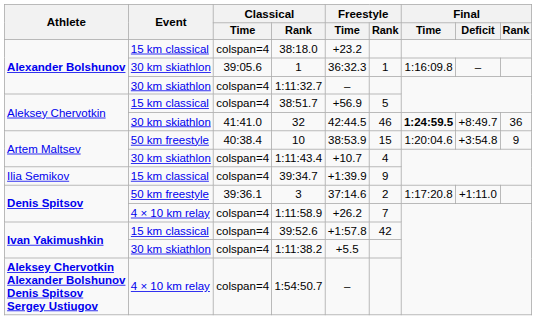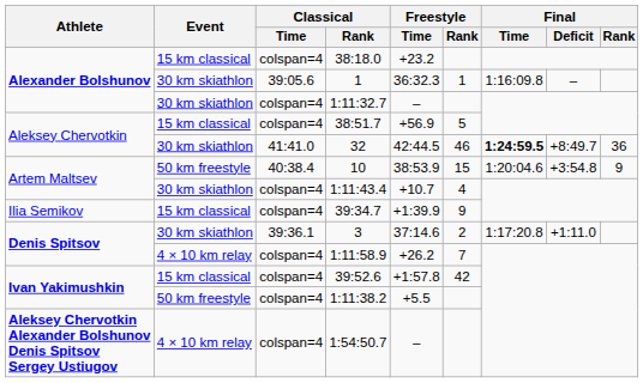 <table class=wikitable style="text-align:center; font-size:90%">
 <tr>
 <th rowspan=2>Athlete</th>
 <th rowspan=2>Event</th>
 <th colspan=2>Classical</th>
 <th colspan=2>Freestyle</th>
 <th colspan=3>Final</th>
 </tr>
 <tr style="font-size: 95%">
 <th>Time</th>
 <th>Rank</th>
 <th>Time</th>
 <th>Rank</th>
 <th>Time</th>
 <th>Deficit</th>
 <th>Rank</th>
 </tr>
 <tr>
 <td rowspan=3 align=left><strong><a href='#'>Alexander Bolshunov</a></strong></td>
 <td align=left><a href='#'>15 km classical</a></td>
 <td>colspan=4 </td>
 <td>38:18.0</td>
 <td>+23.2</td>
 <td></td>
 </tr>
 <tr>
 <td align=left><a href='#'>30 km skiathlon</a></td>
 <td>39:05.6</td>
 <td>1</td>
 <td>36:32.3</td>
 <td>1</td>
 <td>1:16:09.8</td>
 <td>–</td>
 <td></td>
 </tr>
 <tr>
 <td align=left><a href='#'>30 km skiathlon</a></td>
 <td>colspan=4 </td>
 <td>1:11:32.7</td>
 <td>–</td>
 <td></td>
 </tr>
 <tr>
 <td rowspan=2 align=left><a href='#'>Aleksey Chervotkin</a></td>
 <td align=left><a href='#'>15 km classical</a></td>
 <td>colspan=4 </td>
 <td>38:51.7</td>
 <td>+56.9</td>
 <td>5</td>
 </tr>
 <tr>
 <td align=left><a href='#'>30 km skiathlon</a></td>
 <td>41:41.0</td>
 <td>32</td>
 <td>42:44.5</td>
 <td>46</td>
 <td><strong>1:24:59.5</strong></td>
 <td>+8:49.7</td>
 <td>36</td>
 </tr>
 <tr>
 <td rowspan=2 align=left><a href='#'>Artem Maltsev</a></td>
 <td align=left><a href='#'>50 km freestyle</a></td>
 <td>40:38.4</td>
 <td>10</td>
 <td>38:53.9</td>
 <td>15</td>
 <td>1:20:04.6</td>
 <td>+3:54.8</td>
 <td>9</td>
 </tr>
 <tr>
 <td align=left><a href='#'>30 km skiathlon</a></td>
 <td>colspan=4 </td>
 <td>1:11:43.4</td>
 <td>+10.7</td>
 <td>4</td>
 </tr>
 <tr>
 <td align=left><a href='#'>Ilia Semikov</a></td>
 <td align=left><a href='#'>15 km classical</a></td>
 <td>colspan=4 </td>
 <td>39:34.7</td>
 <td>+1:39.9</td>
 <td>9</td>
 </tr>
 <tr>
 <td rowspan=2 align=left><strong><a href='#'>Denis Spitsov</a></strong></td>
-<td align=left><a href='#'>50 km freestyle</a></td>
+<td align=left><a href='#'>30 km skiathlon</a></td>
 <td>39:36.1</td>
 <td>3</td>
 <td>37:14.6</td>
 <td>2</td>
 <td>1:17:20.8</td>
 <td>+1:11.0</td>
 <td></td>
 </tr>
 <tr>
 <td align=left><a href='#'>4 × 10 km relay</a></td>
 <td>colspan=4 </td>
 <td>1:11:58.9</td>
 <td>+26.2</td>
 <td>7</td>
 </tr>
 <tr>
 <td rowspan=2 align=left><strong><a href='#'>Ivan Yakimushkin</a></strong></td>
 <td align=left><a href='#'>15 km classical</a></td>
 <td>colspan=4 </td>
 <td>39:52.6</td>
 <td>+1:57.8</td>
 <td>42</td>
 </tr>
 <tr>
-<td align=left><a href='#'>30 km skiathlon</a></td>
+<td align=left><a href='#'>50 km freestyle</a></td>
 <td>colspan=4 </td>
 <td>1:11:38.2</td>
 <td>+5.5</td>
 <td></td>
 </tr>
 <tr>
 <td align=left><strong><a href='#'>Aleksey Chervotkin</a><br><a href='#'>Alexander Bolshunov</a><br><a href='#'>Denis Spitsov</a><br><a href='#'>Sergey Ustiugov</a></strong></td>
 <td align=left><a href='#'>4 × 10 km relay</a></td>
 <td>colspan=4 </td>
 <td>1:54:50.7</td>
 <td>–</td>
 <td></td>
 </tr>
 </table>
